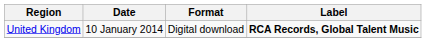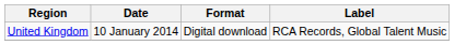 <table class=wikitable>
 <tr>
 <th>Region</th>
 <th>Date</th>
 <th>Format</th>
 <th>Label</th>
 </tr>
 <tr>
 <td><a href='#'>United Kingdom</a></td>
 <td>10 January 2014</td>
 <td>Digital download</td>
-<td><strong>RCA Records, Global Talent Music</strong></td>
+<td>RCA Records, Global Talent Music</td>
 </tr>
 <tr>
 </tr>
 </table>
